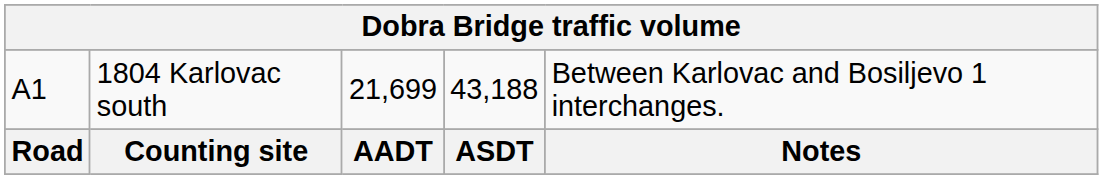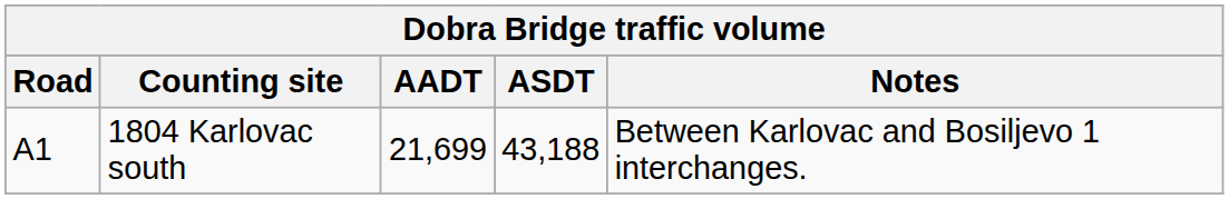 <table class="wikitable">
 <tr>
 <td colspan=5 style="background:#f2f2f2;" align=center style=margin-top:15><strong>Dobra Bridge traffic volume</strong></td>
+</tr>
+<tr>
+<td align=center style="background:#f2f2f2;"><strong>Road</strong></td>
+<td align=center style="background:#f2f2f2;"><strong>Counting site</strong></td>
+<td align=center style="background:#f2f2f2;"><strong>AADT</strong></td>
+<td align=center style="background:#f2f2f2;"><strong>ASDT</strong></td>
+<td align=center style="background:#f2f2f2;"><strong>Notes</strong></td>
 </tr>
 <tr>
 <td> A1</td>
 <td>1804 Karlovac south</td>
 <td align=center>21,699</td>
 <td align=center>43,188</td>
 <td>Between Karlovac and Bosiljevo 1 interchanges.</td>
 </tr>
-<tr>
-<td align=center style="background:#f2f2f2;"><strong>Road</strong></td>
-<td align=center style="background:#f2f2f2;"><strong>Counting site</strong></td>
-<td align=center style="background:#f2f2f2;"><strong>AADT</strong></td>
-<td align=center style="background:#f2f2f2;"><strong>ASDT</strong></td>
-<td align=center style="background:#f2f2f2;"><strong>Notes</strong></td>
-</tr>
 </table>
